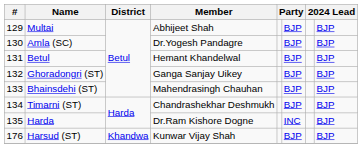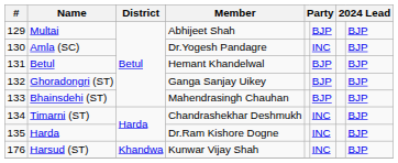 <table class="wikitable">
 <tr>
 <th>#</th>
 <th>Name</th>
 <th>District</th>
 <th>Member</th>
 <th colspan="2">Party</th>
 <th colspan="2">2024 Lead</th>
 </tr>
 <tr>
 <td>129</td>
 <td><a href='#'>Multai</a></td>
 <td rowspan="5"><a href='#'>Betul</a></td>
 <td>Abhijeet Shah</td>
 <td style="background-color: "></td>
 <td><a href='#'>BJP</a></td>
 <td style="background-color: "></td>
 <td><a href='#'>BJP</a></td>
 </tr>
 <tr>
 <td>130</td>
 <td><a href='#'>Amla</a> (SC)</td>
 <td>Dr.Yogesh Pandagre</td>
 <td style="background-color: "></td>
-<td><a href='#'>BJP</a></td>
+<td><a href='#'>INC</a></td>
 <td style="background-color: "></td>
 <td><a href='#'>BJP</a></td>
 </tr>
 <tr>
 <td>131</td>
 <td><a href='#'>Betul</a></td>
 <td>Hemant Khandelwal</td>
 <td style="background-color: "></td>
 <td><a href='#'>BJP</a></td>
 <td style="background-color: "></td>
 <td><a href='#'>BJP</a></td>
 </tr>
 <tr>
 <td>132</td>
 <td><a href='#'>Ghoradongri</a> (ST)</td>
 <td>Ganga Sanjay Uikey</td>
 <td style="background-color: "></td>
 <td><a href='#'>BJP</a></td>
 <td style="background-color: "></td>
 <td><a href='#'>BJP</a></td>
 </tr>
 <tr>
 <td>133</td>
 <td><a href='#'>Bhainsdehi</a> (ST)</td>
 <td>Mahendrasingh Chauhan</td>
 <td style="background-color: "></td>
 <td><a href='#'>BJP</a></td>
 <td style="background-color: "></td>
 <td><a href='#'>BJP</a></td>
 </tr>
 <tr>
 <td>134</td>
 <td><a href='#'>Timarni</a> (ST)</td>
 <td rowspan="2"><a href='#'>Harda</a></td>
 <td>Chandrashekhar Deshmukh</td>
 <td style="background-color: "></td>
-<td><a href='#'>BJP</a></td>
+<td><a href='#'>INC</a></td>
 <td style="background-color: "></td>
 <td><a href='#'>BJP</a></td>
 </tr>
 <tr>
 <td>135</td>
 <td><a href='#'>Harda</a></td>
 <td>Dr.Ram Kishore Dogne</td>
 <td style="background-color: "></td>
 <td><a href='#'>INC</a></td>
 <td style="background-color: "></td>
 <td><a href='#'>BJP</a></td>
 </tr>
 <tr>
 <td>176</td>
 <td><a href='#'>Harsud</a> (ST)</td>
 <td><a href='#'>Khandwa</a></td>
 <td>Kunwar Vijay Shah</td>
 <td style="background-color: "></td>
-<td><a href='#'>BJP</a></td>
+<td><a href='#'>INC</a></td>
 <td style="background-color: "></td>
 <td><a href='#'>BJP</a></td>
 </tr>
 <tr>
 </tr>
 </table>
